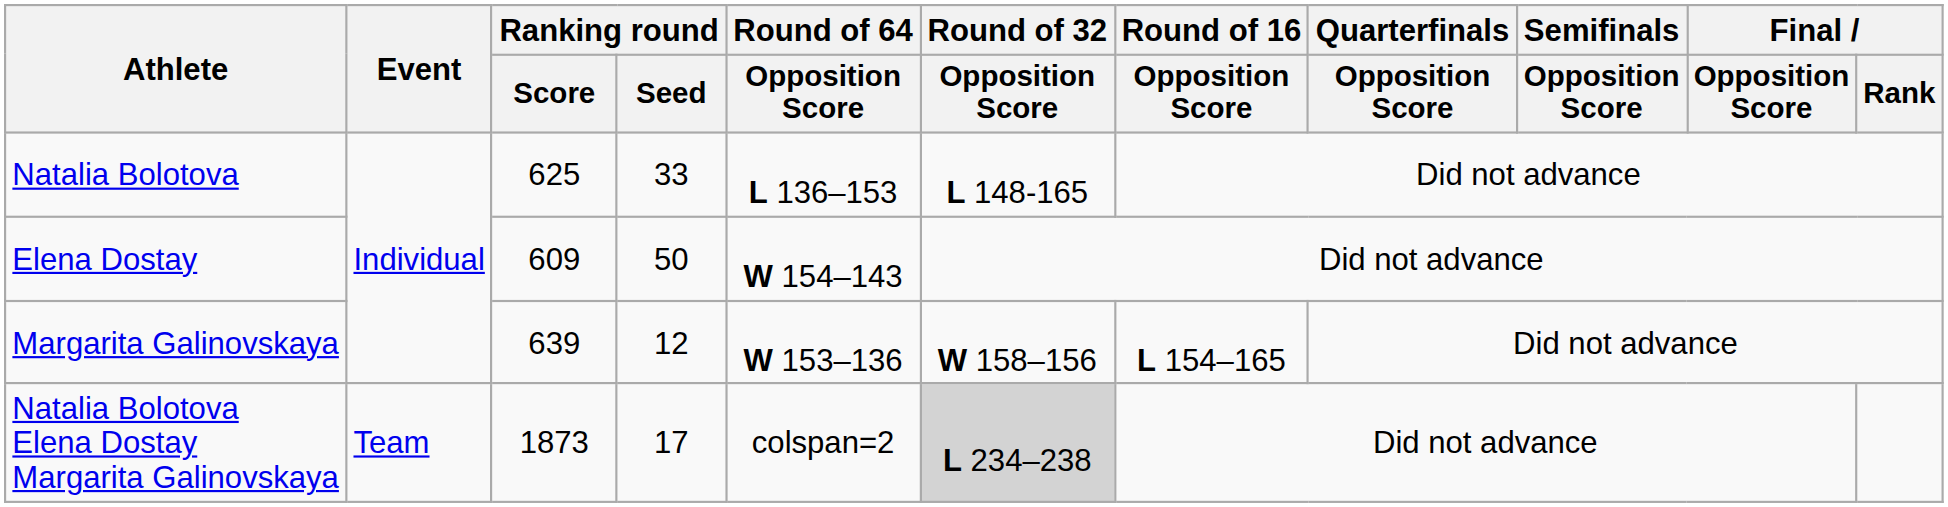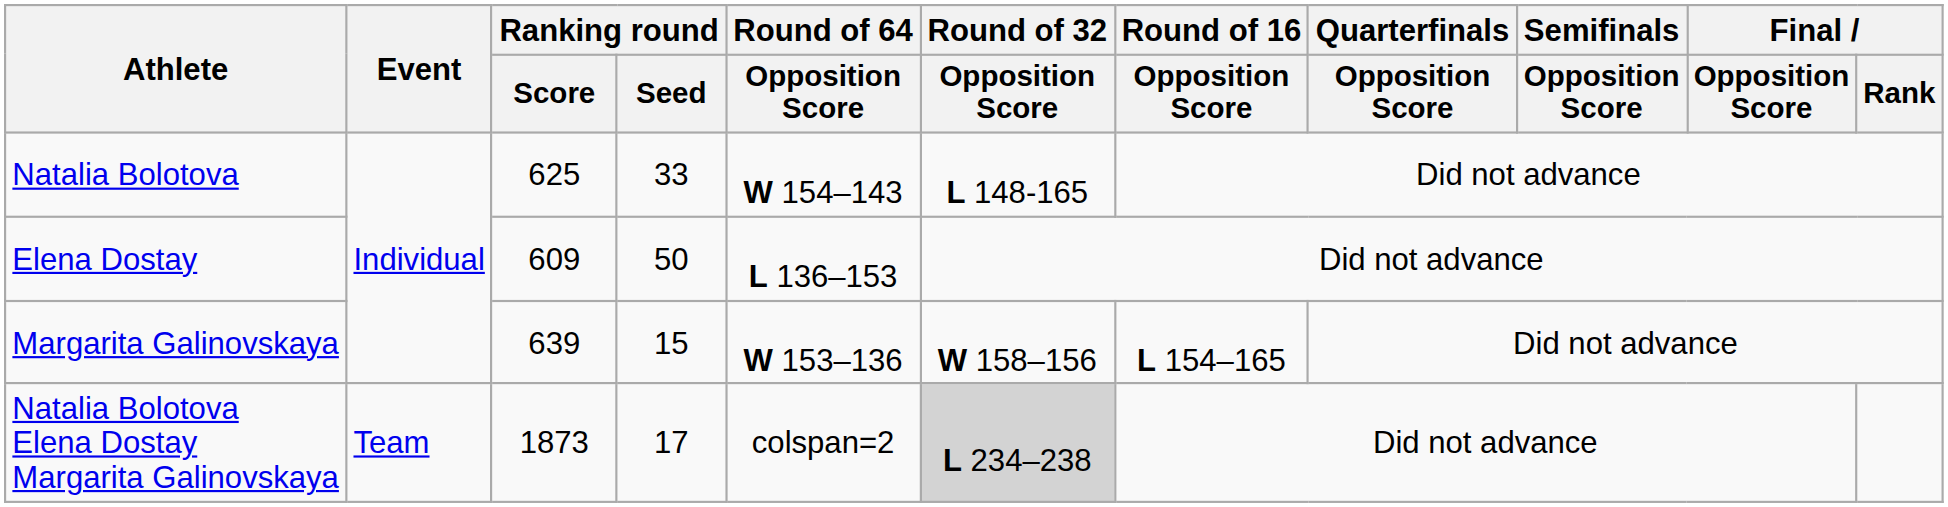 <table class="wikitable" style="font-size:90%">
 <tr>
 <th rowspan="2">Athlete</th>
 <th rowspan="2">Event</th>
 <th colspan="2">Ranking round</th>
 <th>Round of 64</th>
 <th>Round of 32</th>
 <th>Round of 16</th>
 <th>Quarterfinals</th>
 <th>Semifinals</th>
 <th colspan="2">Final / </th>
 </tr>
 <tr style="font-size:95%">
 <th>Score</th>
 <th>Seed</th>
 <th>Opposition<br>Score</th>
 <th>Opposition<br>Score</th>
 <th>Opposition<br>Score</th>
 <th>Opposition<br>Score</th>
 <th>Opposition<br>Score</th>
 <th>Opposition<br>Score</th>
 <th>Rank</th>
 </tr>
 <tr align=center>
 <td align=left><a href='#'>Natalia Bolotova</a></td>
 <td align=left rowspan=3><a href='#'>Individual</a></td>
 <td>625</td>
 <td>33</td>
-<td><br><strong>L</strong> 136–153</td>
+<td><br><strong>W</strong> 154–143</td>
 <td><br><strong>L</strong> 148-165</td>
 <td colspan=5>Did not advance</td>
 </tr>
 <tr align=center>
 <td align=left><a href='#'>Elena Dostay</a></td>
 <td>609</td>
 <td>50</td>
-<td><br><strong>W</strong> 154–143</td>
+<td><br><strong>L</strong> 136–153</td>
 <td colspan=6>Did not advance</td>
 </tr>
 <tr align=center>
 <td align=left><a href='#'>Margarita Galinovskaya</a></td>
 <td>639</td>
-<td>12</td>
+<td>15</td>
 <td><br><strong>W</strong> 153–136</td>
 <td><br><strong>W</strong> 158–156</td>
 <td><br><strong>L</strong> 154–165</td>
 <td colspan=4>Did not advance</td>
 </tr>
 <tr align=center>
 <td align=left><a href='#'>Natalia Bolotova</a><br><a href='#'>Elena Dostay</a><br><a href='#'>Margarita Galinovskaya</a></td>
 <td align=left><a href='#'>Team</a></td>
 <td>1873</td>
 <td>17</td>
 <td>colspan=2 </td>
 <td style="background: lightgrey;"><br><strong>L</strong> 234–238</td>
 <td colspan=4>Did not advance</td>
 </tr>
 </table>
